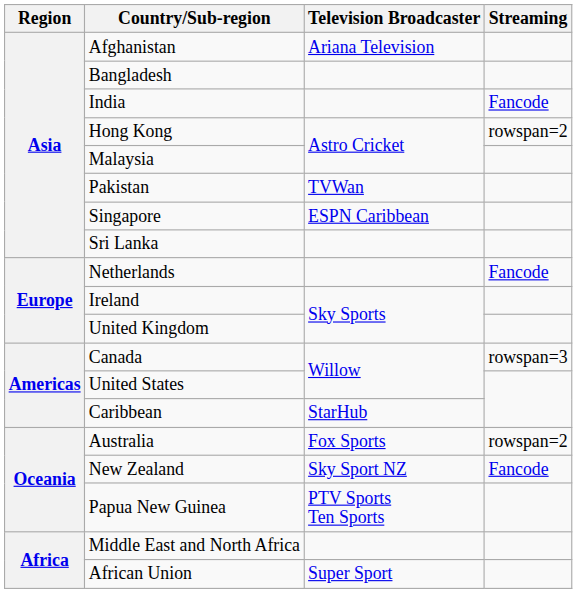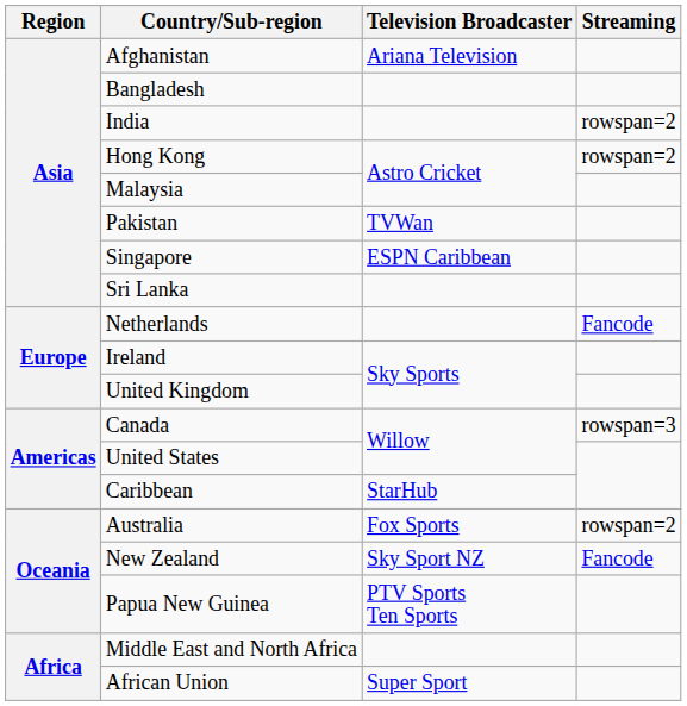 <table class="wikitable hover-highlight">
 <tr>
 <th scope=col>Region</th>
 <th scope=col>Country/Sub-region</th>
 <th scope=col>Television Broadcaster</th>
 <th scope=col>Streaming</th>
 </tr>
 <tr>
 <th rowspan=8 scope=row><a href='#'>Asia</a></th>
 <td>Afghanistan</td>
 <td><a href='#'>Ariana Television</a></td>
 <td></td>
 </tr>
 <tr>
 <td>Bangladesh</td>
 <td></td>
 <td></td>
 </tr>
 <tr>
 <td>India</td>
 <td></td>
-<td><a href='#'>Fancode</a></td>
+<td>rowspan=2 </td>
 </tr>
 <tr>
 <td>Hong Kong</td>
 <td rowspan=2><a href='#'>Astro Cricket</a></td>
 <td>rowspan=2 </td>
 </tr>
 <tr>
 <td>Malaysia</td>
 </tr>
 <tr>
 <td>Pakistan</td>
 <td><a href='#'>TVWan</a></td>
 <td></td>
 </tr>
 <tr>
 <td>Singapore</td>
 <td><a href='#'>ESPN Caribbean</a></td>
 <td></td>
 </tr>
 <tr>
 <td>Sri Lanka</td>
 <td></td>
 <td></td>
 </tr>
 <tr>
 <th rowspan=3><a href='#'>Europe</a></th>
 <td>Netherlands</td>
 <td></td>
 <td><a href='#'>Fancode</a></td>
 </tr>
 <tr>
 <td>Ireland</td>
 <td rowspan=2><a href='#'>Sky Sports</a></td>
 </tr>
 <tr>
 <td>United Kingdom</td>
 <td></td>
 </tr>
 <tr>
 <th rowspan=3><a href='#'>Americas</a></th>
 <td>Canada</td>
 <td rowspan=2><a href='#'>Willow</a></td>
 <td>rowspan=3 </td>
 </tr>
 <tr>
 <td>United States</td>
 </tr>
 <tr>
 <td>Caribbean</td>
 <td><a href='#'>StarHub</a></td>
 </tr>
 <tr>
 <th rowspan=3><a href='#'>Oceania</a></th>
 <td>Australia</td>
 <td><a href='#'>Fox Sports</a></td>
 <td>rowspan=2 </td>
 </tr>
 <tr>
 <td>New Zealand</td>
 <td><a href='#'>Sky Sport NZ</a></td>
 <td><a href='#'>Fancode</a></td>
 </tr>
 <tr>
 <td>Papua New Guinea</td>
 <td><a href='#'>PTV Sports</a><br><a href='#'>Ten Sports</a></td>
 </tr>
 <tr>
 <th rowspan=2><a href='#'>Africa</a></th>
 <td>Middle East and North Africa</td>
 <td></td>
 <td></td>
 </tr>
 <tr>
 <td>African Union</td>
 <td><a href='#'>Super Sport</a></td>
 <td></td>
 </tr>
 </table>
